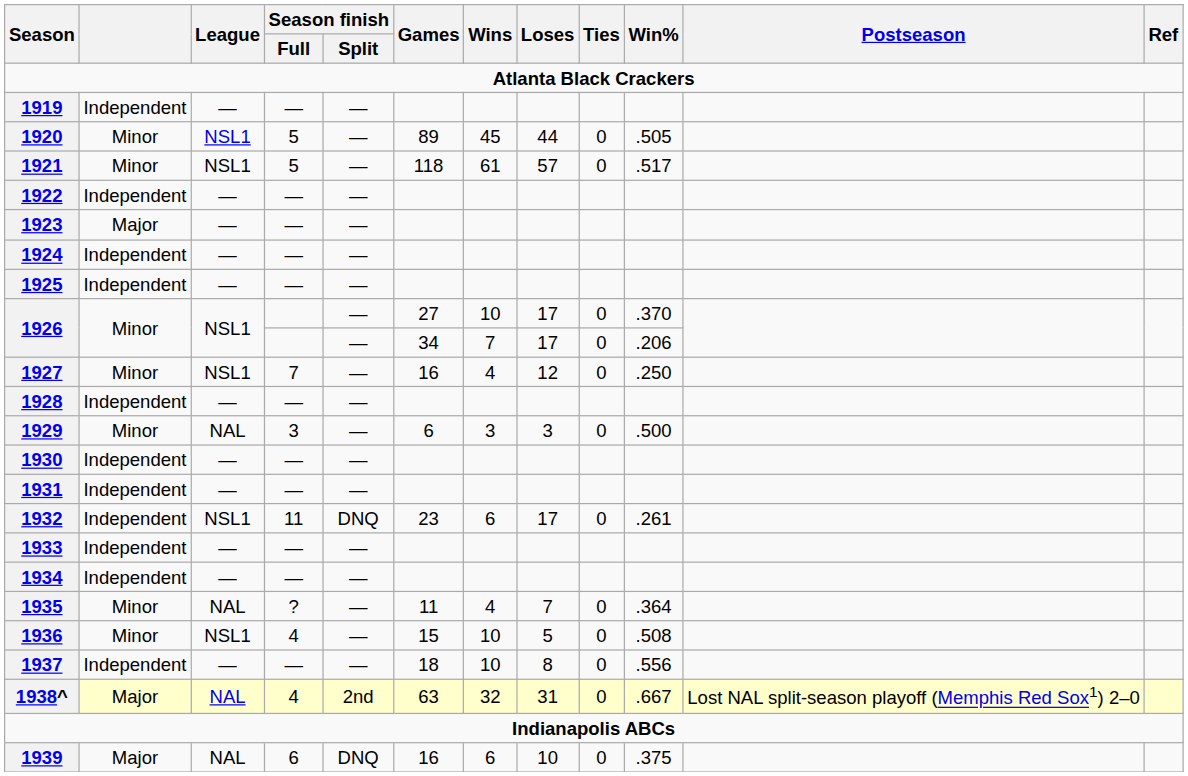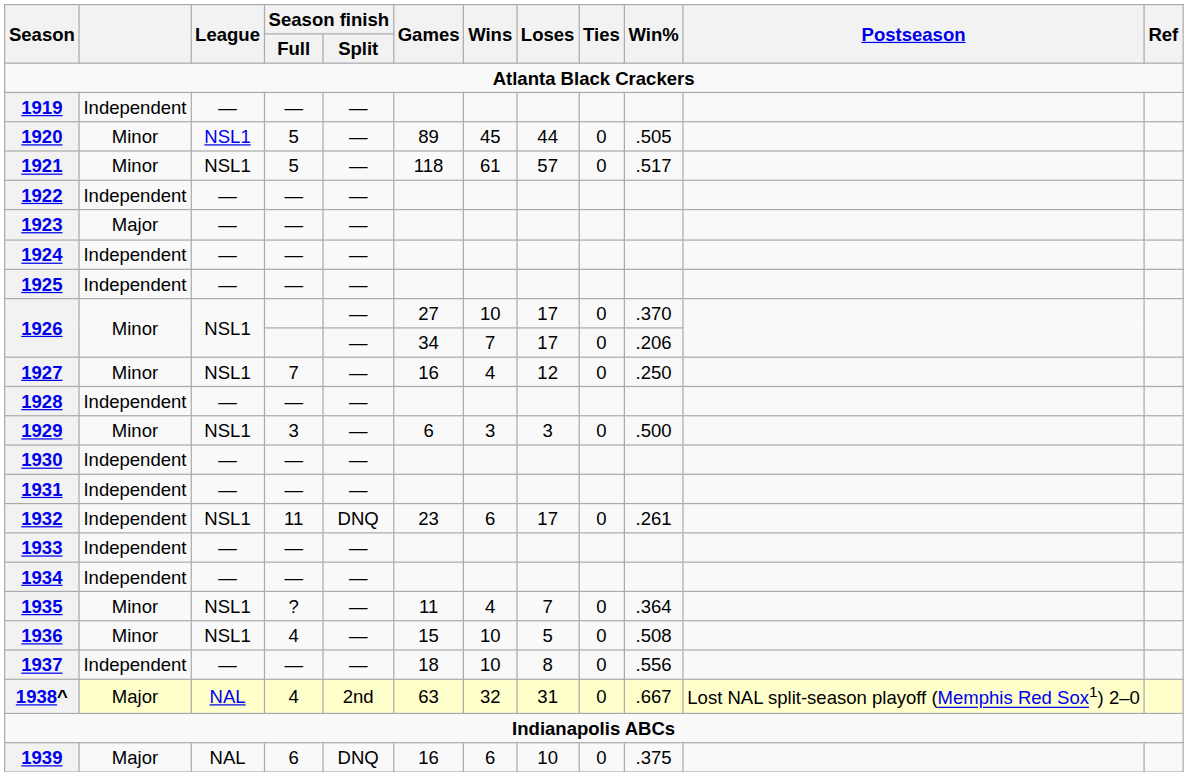 <table class="wikitable sortable" style="text-align:center; font-size:95%">
 <tr>
 <th rowspan="2">Season</th>
 <th rowspan="2"></th>
 <th rowspan="2">League</th>
 <th colspan="2">Season finish</th>
 <th rowspan="2">Games</th>
 <th rowspan="2">Wins</th>
 <th rowspan="2">Loses</th>
 <th rowspan="2">Ties</th>
 <th rowspan="2">Win%</th>
 <th rowspan="2"><a href='#'>Postseason</a></th>
 <th rowspan="2">Ref</th>
 </tr>
 <tr>
 <th>Full</th>
 <th>Split</th>
 </tr>
 <tr>
 <td align="center" colspan="12"><strong>Atlanta Black Crackers</strong></td>
 </tr>
 <tr>
 <th><a href='#'>1919</a></th>
 <td>Independent</td>
 <td>—</td>
 <td>—</td>
 <td>—</td>
 <td></td>
 <td></td>
 <td></td>
 <td></td>
 <td></td>
 <td></td>
 <td></td>
 </tr>
 <tr>
 <th><a href='#'>1920</a></th>
 <td>Minor</td>
 <td><a href='#'>NSL1</a></td>
 <td>5</td>
 <td>—</td>
 <td>89</td>
 <td>45</td>
 <td>44</td>
 <td>0</td>
 <td>.505</td>
 <td></td>
 <td></td>
 </tr>
 <tr>
 <th><a href='#'>1921</a></th>
 <td>Minor</td>
 <td>NSL1</td>
 <td>5</td>
 <td>—</td>
 <td>118</td>
 <td>61</td>
 <td>57</td>
 <td>0</td>
 <td>.517</td>
 <td></td>
 <td></td>
 </tr>
 <tr>
 <th><a href='#'>1922</a></th>
 <td>Independent</td>
 <td>—</td>
 <td>—</td>
 <td>—</td>
 <td></td>
 <td></td>
 <td></td>
 <td></td>
 <td></td>
 <td></td>
 <td></td>
 </tr>
 <tr>
 <th><a href='#'>1923</a></th>
 <td>Major</td>
 <td>—</td>
 <td>—</td>
 <td>—</td>
 <td></td>
 <td></td>
 <td></td>
 <td></td>
 <td></td>
 <td></td>
 <td></td>
 </tr>
 <tr>
 <th><a href='#'>1924</a></th>
 <td>Independent</td>
 <td>—</td>
 <td>—</td>
 <td>—</td>
 <td></td>
 <td></td>
 <td></td>
 <td></td>
 <td></td>
 <td></td>
 <td></td>
 </tr>
 <tr>
 <th><a href='#'>1925</a></th>
 <td>Independent</td>
 <td>—</td>
 <td>—</td>
 <td>—</td>
 <td></td>
 <td></td>
 <td></td>
 <td></td>
 <td></td>
 <td></td>
 <td></td>
 </tr>
 <tr>
 <th rowspan="2"><a href='#'>1926</a></th>
 <td rowspan="2">Minor</td>
 <td rowspan="2">NSL1</td>
 <td></td>
 <td>—</td>
 <td>27</td>
 <td>10</td>
 <td>17</td>
 <td>0</td>
 <td>.370</td>
 <td rowspan="2"></td>
 <td rowspan="2"></td>
 </tr>
 <tr>
 <td></td>
 <td>—</td>
 <td>34</td>
 <td>7</td>
 <td>17</td>
 <td>0</td>
 <td>.206</td>
 </tr>
 <tr>
 <th><a href='#'>1927</a></th>
 <td>Minor</td>
 <td>NSL1</td>
 <td>7</td>
 <td>—</td>
 <td>16</td>
 <td>4</td>
 <td>12</td>
 <td>0</td>
 <td>.250</td>
 <td></td>
 <td></td>
 </tr>
 <tr>
 <th><a href='#'>1928</a></th>
 <td>Independent</td>
 <td>—</td>
 <td>—</td>
 <td>—</td>
 <td></td>
 <td></td>
 <td></td>
 <td></td>
 <td></td>
 <td></td>
 <td></td>
 </tr>
 <tr>
 <th><a href='#'>1929</a></th>
 <td>Minor</td>
-<td>NAL</td>
+<td>NSL1</td>
 <td>3</td>
 <td>—</td>
 <td>6</td>
 <td>3</td>
 <td>3</td>
 <td>0</td>
 <td>.500</td>
 <td></td>
 <td></td>
 </tr>
 <tr>
 <th><a href='#'>1930</a></th>
 <td>Independent</td>
 <td>—</td>
 <td>—</td>
 <td>—</td>
 <td></td>
 <td></td>
 <td></td>
 <td></td>
 <td></td>
 <td></td>
 <td></td>
 </tr>
 <tr>
 <th><a href='#'>1931</a></th>
 <td>Independent</td>
 <td>—</td>
 <td>—</td>
 <td>—</td>
 <td></td>
 <td></td>
 <td></td>
 <td></td>
 <td></td>
 <td></td>
 <td></td>
 </tr>
 <tr>
 <th><a href='#'>1932</a></th>
 <td>Independent</td>
 <td>NSL1</td>
 <td>11</td>
 <td>DNQ</td>
 <td>23</td>
 <td>6</td>
 <td>17</td>
 <td>0</td>
 <td>.261</td>
 <td></td>
 <td></td>
 </tr>
 <tr>
 <th><a href='#'>1933</a></th>
 <td>Independent</td>
 <td>—</td>
 <td>—</td>
 <td>—</td>
 <td></td>
 <td></td>
 <td></td>
 <td></td>
 <td></td>
 <td></td>
 <td></td>
 </tr>
 <tr>
 <th><a href='#'>1934</a></th>
 <td>Independent</td>
 <td>—</td>
 <td>—</td>
 <td>—</td>
 <td></td>
 <td></td>
 <td></td>
 <td></td>
 <td></td>
 <td></td>
 <td></td>
 </tr>
 <tr>
 <th><a href='#'>1935</a></th>
 <td>Minor</td>
-<td>NAL</td>
+<td>NSL1</td>
 <td>?</td>
 <td>—</td>
 <td>11</td>
 <td>4</td>
 <td>7</td>
 <td>0</td>
 <td>.364</td>
 <td></td>
 <td></td>
 </tr>
 <tr>
 <th><a href='#'>1936</a></th>
 <td>Minor</td>
 <td>NSL1</td>
 <td>4</td>
 <td>—</td>
 <td>15</td>
 <td>10</td>
 <td>5</td>
 <td>0</td>
 <td>.508</td>
 <td></td>
 <td></td>
 </tr>
 <tr>
 <th><a href='#'>1937</a></th>
 <td>Independent</td>
 <td>—</td>
 <td>—</td>
 <td>—</td>
 <td>18</td>
 <td>10</td>
 <td>8</td>
 <td>0</td>
 <td>.556</td>
 <td></td>
 <td></td>
 </tr>
 <tr bgcolor="#FFFFCC">
 <th><a href='#'>1938</a>^</th>
 <td>Major</td>
 <td><a href='#'>NAL</a></td>
 <td>4</td>
 <td>2nd</td>
 <td>63</td>
 <td>32</td>
 <td>31</td>
 <td>0</td>
 <td>.667</td>
 <td>Lost NAL split-season playoff (<a href='#'>Memphis Red Sox</a><sup>1</sup>) 2–0</td>
 <td></td>
 </tr>
 <tr>
 <td align="center" colspan="12"><strong>Indianapolis ABCs</strong></td>
 </tr>
 <tr>
 <th><a href='#'>1939</a></th>
 <td>Major</td>
 <td>NAL</td>
 <td>6</td>
 <td>DNQ</td>
 <td>16</td>
 <td>6</td>
 <td>10</td>
 <td>0</td>
 <td>.375</td>
 <td></td>
 <td></td>
 </tr>
 </table>
